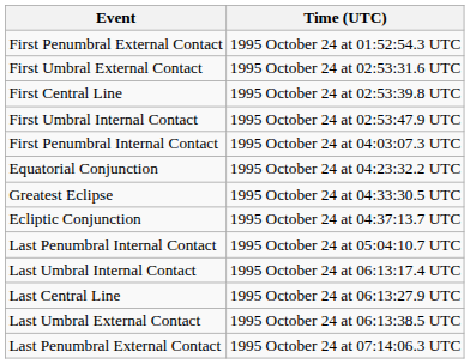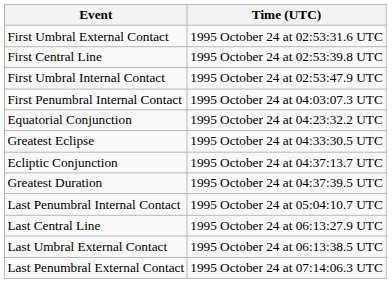 <table class="wikitable">
 <tr>
 <th>Event</th>
 <th>Time (UTC)</th>
-</tr>
-<tr>
-<td>First Penumbral External Contact</td>
-<td>1995 October 24 at 01:52:54.3 UTC</td>
 </tr>
 <tr>
 <td>First Umbral External Contact</td>
 <td>1995 October 24 at 02:53:31.6 UTC</td>
 </tr>
 <tr>
 <td>First Central Line</td>
 <td>1995 October 24 at 02:53:39.8 UTC</td>
 </tr>
 <tr>
 <td>First Umbral Internal Contact</td>
 <td>1995 October 24 at 02:53:47.9 UTC</td>
 </tr>
 <tr>
 <td>First Penumbral Internal Contact</td>
 <td>1995 October 24 at 04:03:07.3 UTC</td>
 </tr>
 <tr>
 <td>Equatorial Conjunction</td>
 <td>1995 October 24 at 04:23:32.2 UTC</td>
 </tr>
 <tr>
 <td>Greatest Eclipse</td>
 <td>1995 October 24 at 04:33:30.5 UTC</td>
 </tr>
 <tr>
 <td>Ecliptic Conjunction</td>
 <td>1995 October 24 at 04:37:13.7 UTC</td>
 </tr>
 <tr>
+<td>Greatest Duration</td>
+<td>1995 October 24 at 04:37:39.5 UTC</td>
+</tr>
+<tr>
 <td>Last Penumbral Internal Contact</td>
 <td>1995 October 24 at 05:04:10.7 UTC</td>
-</tr>
-<tr>
-<td>Last Umbral Internal Contact</td>
-<td>1995 October 24 at 06:13:17.4 UTC</td>
 </tr>
 <tr>
 <td>Last Central Line</td>
 <td>1995 October 24 at 06:13:27.9 UTC</td>
 </tr>
 <tr>
 <td>Last Umbral External Contact</td>
 <td>1995 October 24 at 06:13:38.5 UTC</td>
 </tr>
 <tr>
 <td>Last Penumbral External Contact</td>
 <td>1995 October 24 at 07:14:06.3 UTC</td>
 </tr>
 </table>
